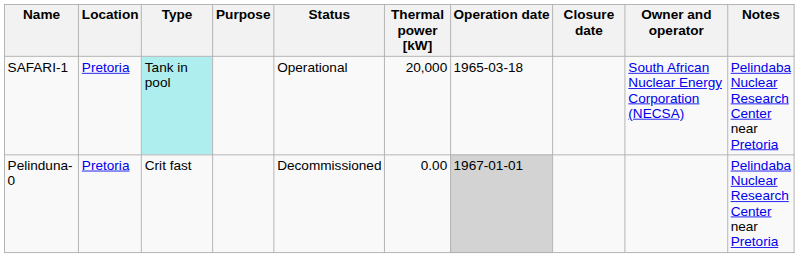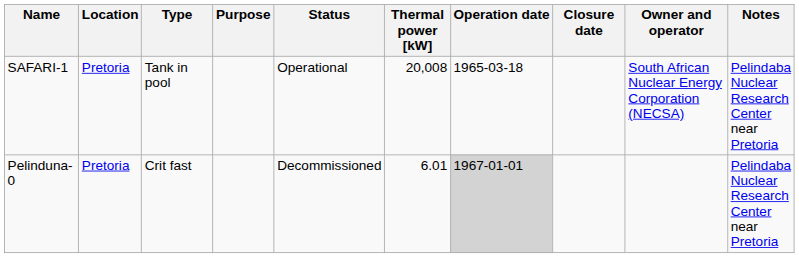 <table class="wikitable" >
 <tr valign="top">
 <th width="80">Name</th>
 <th width="65">Location</th>
 <th width="76">Type</th>
 <th width="65">Purpose</th>
 <th width="91">Status</th>
 <th width="70“">Thermal power [kW]</th>
 <th width=„67“>Operation date</th>
 <th width="78“">Closure date</th>
 <th width="113“">Owner and operator</th>
 <th width="65">Notes</th>
 </tr>
 <tr valign="top">
 <td>SAFARI-1</td>
 <td><a href='#'>Pretoria</a></td>
-<td style="background: paleturquoise;">Tank in pool</td>
+<td>Tank in pool</td>
 <td></td>
 <td>Operational</td>
-<td align="right">20,000</td>
+<td align="right">20,008</td>
 <td>1965-03-18</td>
 <td></td>
 <td><a href='#'>South African Nuclear Energy Corporation (NECSA)</a></td>
 <td><a href='#'>Pelindaba Nuclear Research Center</a> near <a href='#'>Pretoria</a> </td>
 </tr>
 <tr valign="top">
 <td>Pelinduna-0</td>
 <td><a href='#'>Pretoria</a></td>
 <td>Crit fast</td>
 <td></td>
 <td>Decommissioned</td>
-<td align="right">0.00</td>
+<td align="right">6.01</td>
 <td style="background: lightgrey;">1967-01-01</td>
 <td></td>
 <td> </td>
 <td><a href='#'>Pelindaba Nuclear Research Center</a> near <a href='#'>Pretoria</a> </td>
 </tr>
 </table>
